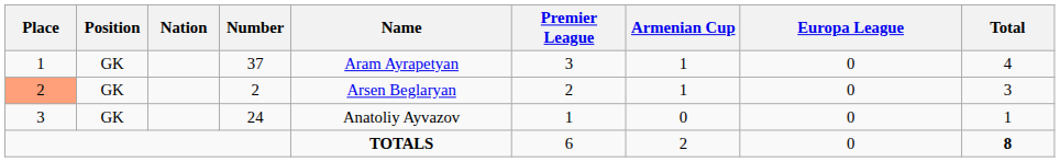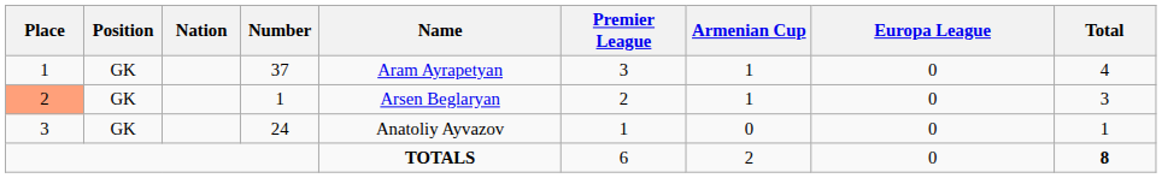 <table class="wikitable" style="font-size: 95%; text-align: center;">
 <tr>
 <th width=60>Place</th>
 <th width=60>Position</th>
 <th width=60>Nation</th>
 <th width=60>Number</th>
 <th width=200>Name</th>
 <th width=100><a href='#'>Premier League</a></th>
 <th width=100><a href='#'>Armenian Cup</a></th>
 <th width=200><a href='#'>Europa League</a></th>
 <th width=80><strong>Total</strong></th>
 </tr>
 <tr>
 <td>1</td>
 <td>GK</td>
 <td></td>
 <td>37</td>
 <td><a href='#'>Aram Ayrapetyan</a></td>
 <td>3</td>
 <td>1</td>
 <td>0</td>
 <td>4</td>
 </tr>
 <tr>
 <td style="background: lightsalmon;">2</td>
 <td>GK</td>
 <td></td>
-<td>2</td>
+<td>1</td>
 <td><a href='#'>Arsen Beglaryan</a></td>
 <td>2</td>
 <td>1</td>
 <td>0</td>
 <td>3</td>
 </tr>
 <tr>
 <td>3</td>
 <td>GK</td>
 <td></td>
 <td>24</td>
 <td>Anatoliy Ayvazov</td>
 <td>1</td>
 <td>0</td>
 <td>0</td>
 <td>1</td>
 </tr>
 <tr>
 <td colspan="4"></td>
 <td><strong>TOTALS</strong></td>
 <td>6</td>
 <td>2</td>
 <td>0</td>
 <td><strong>8</strong></td>
 </tr>
 </table>
